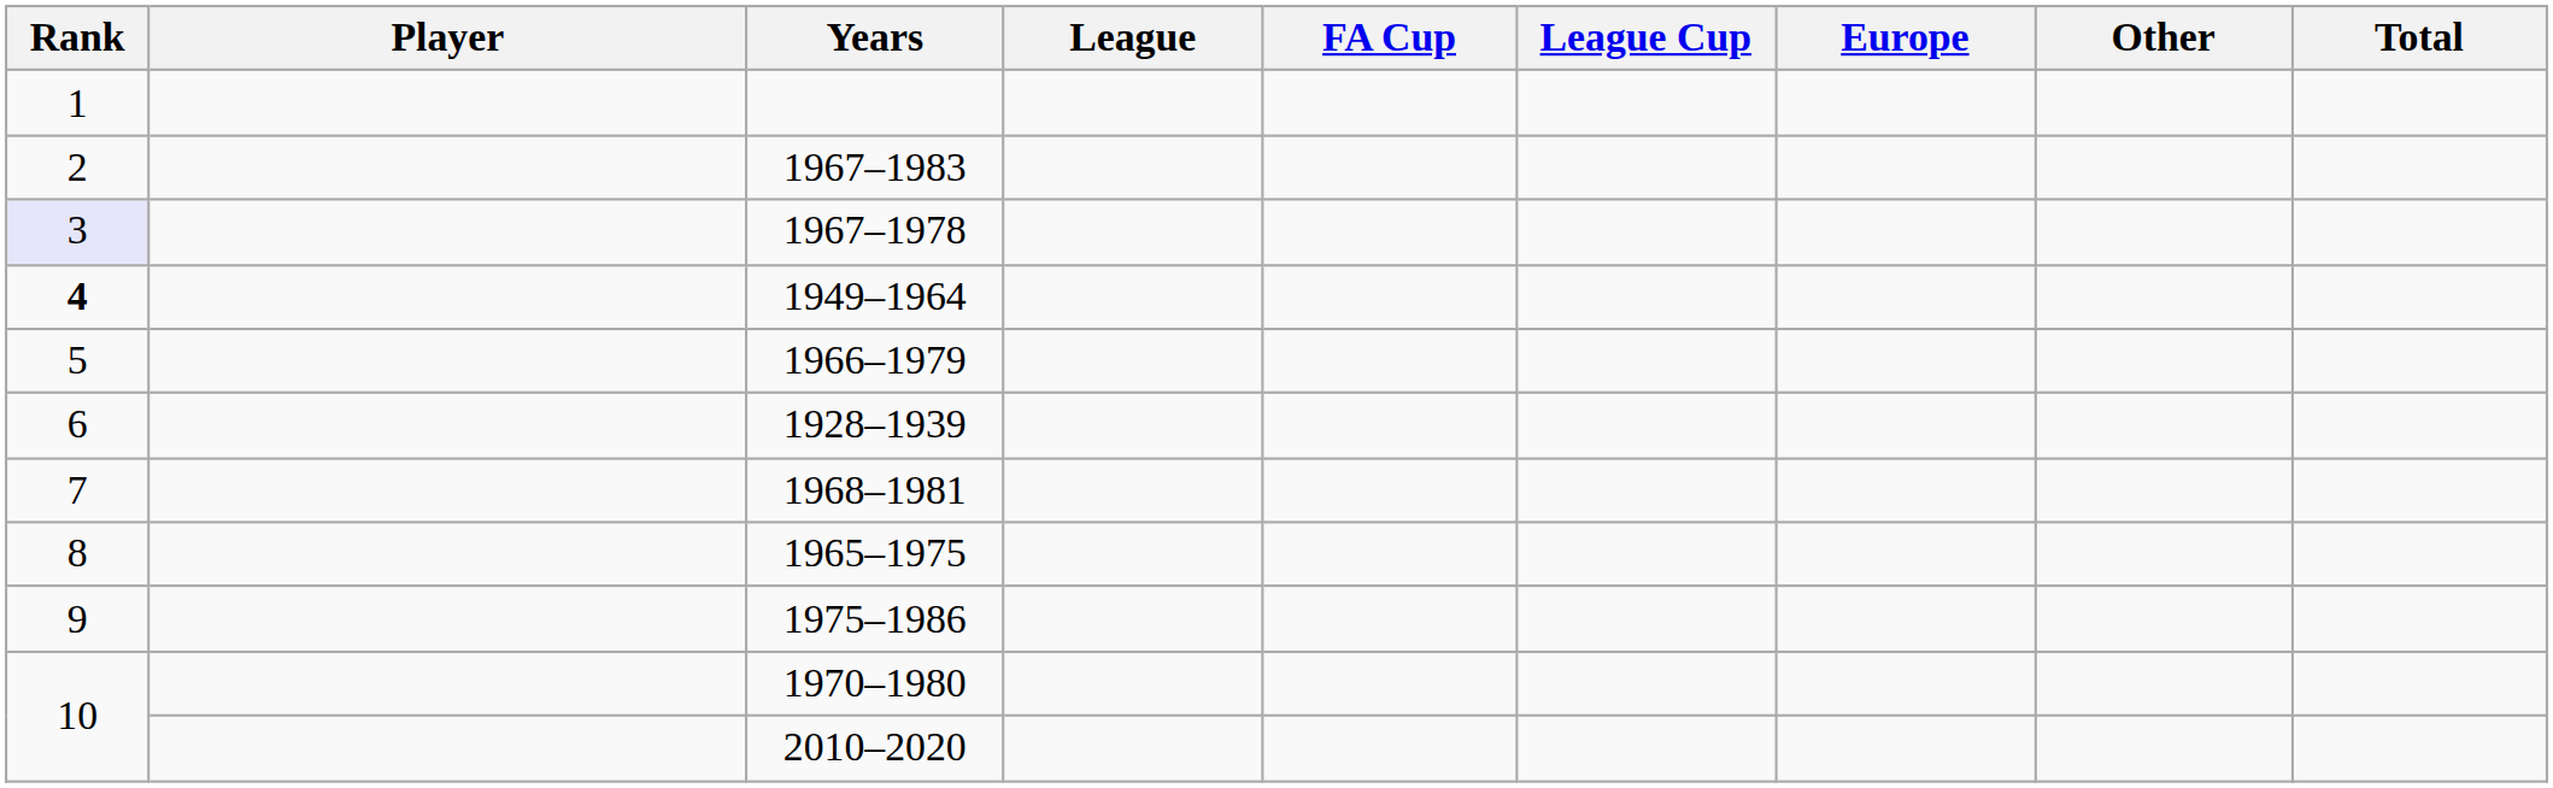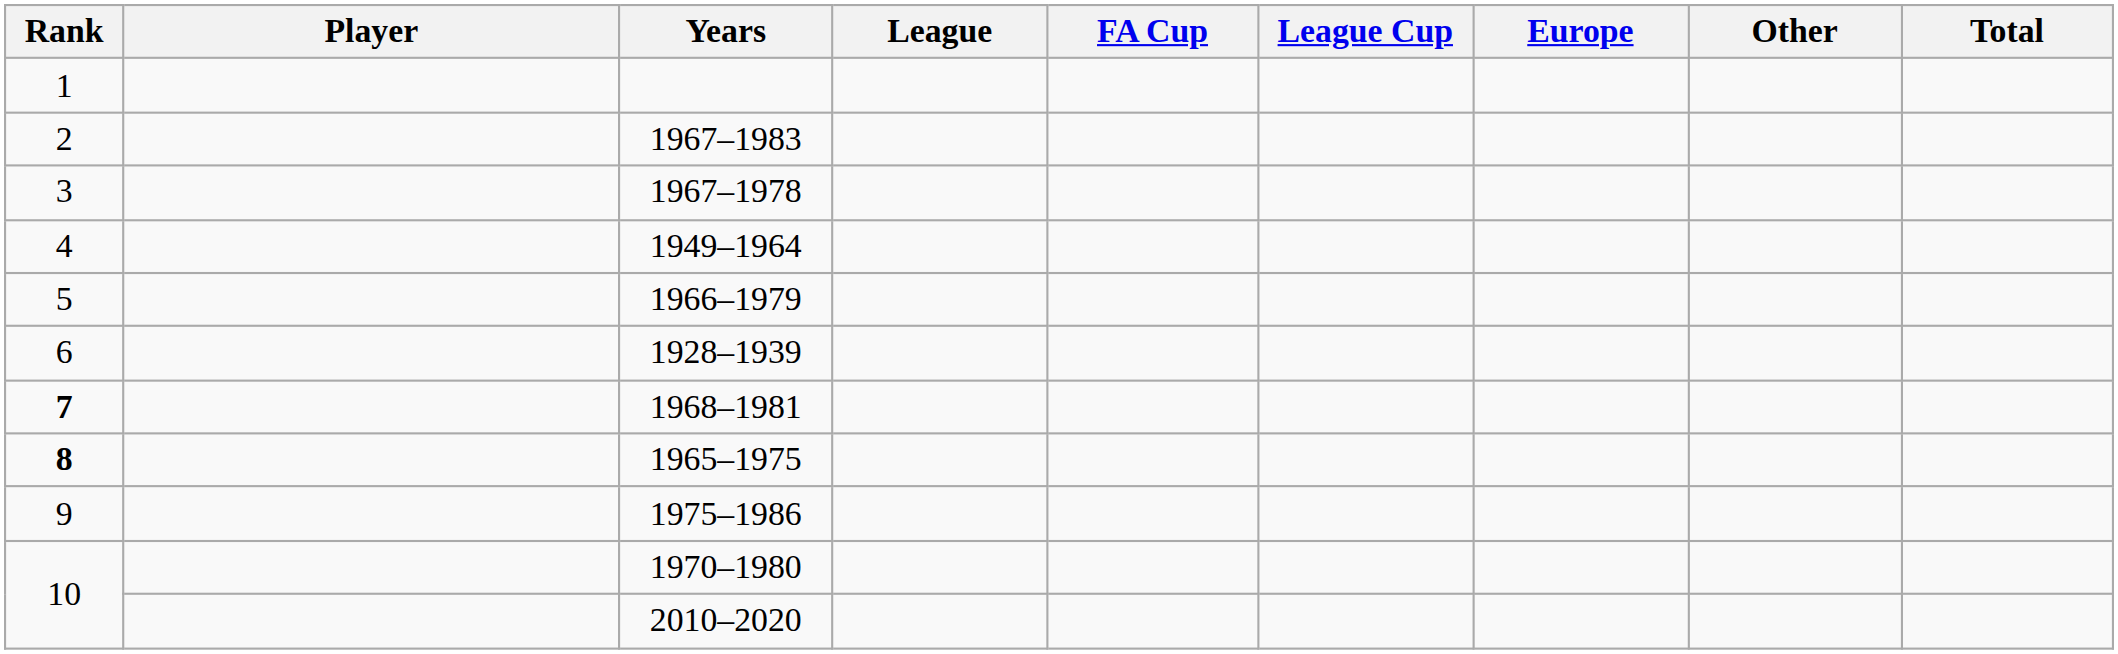 <table class="wikitable sortable" style="text-align:center; width:1000px">
 <tr>
 <th width=50px>Rank</th>
 <th width=250px>Player</th>
 <th width=100px>Years</th>
 <th width=100px>League</th>
 <th width=100px><a href='#'>FA Cup</a></th>
 <th width=100px><a href='#'>League Cup</a></th>
 <th width=100px><a href='#'>Europe</a></th>
 <th width=100px>Other</th>
 <th width=100px>Total</th>
 </tr>
 <tr>
 <td>1</td>
 <td style="text-align:left;"> </td>
 <td></td>
 <td></td>
 <td></td>
 <td></td>
 <td></td>
 <td></td>
 <td></td>
 </tr>
 <tr>
 <td>2</td>
 <td style="text-align:left;"> </td>
 <td>1967–1983</td>
 <td></td>
 <td></td>
 <td></td>
 <td></td>
 <td></td>
 <td></td>
 </tr>
 <tr>
-<td style="background: lavender;">3</td>
+<td>3</td>
 <td style="text-align:left;"> </td>
 <td>1967–1978</td>
 <td></td>
 <td></td>
 <td></td>
 <td></td>
 <td></td>
 <td></td>
 </tr>
 <tr>
-<td><strong>4</strong></td>
+<td>4</td>
 <td style="text-align:left;"> </td>
 <td>1949–1964</td>
 <td></td>
 <td></td>
 <td></td>
 <td></td>
 <td></td>
 <td></td>
 </tr>
 <tr>
 <td>5</td>
 <td style="text-align:left;"> </td>
 <td>1966–1979</td>
 <td></td>
 <td></td>
 <td></td>
 <td></td>
 <td></td>
 <td></td>
 </tr>
 <tr>
 <td>6</td>
 <td style="text-align:left;"> </td>
 <td>1928–1939</td>
 <td></td>
 <td></td>
 <td></td>
 <td></td>
 <td></td>
 <td></td>
 </tr>
 <tr>
-<td>7</td>
+<td><strong>7</strong></td>
 <td style="text-align:left;"> </td>
 <td>1968–1981</td>
 <td></td>
 <td></td>
 <td></td>
 <td></td>
 <td></td>
 <td></td>
 </tr>
 <tr>
-<td>8</td>
+<td><strong>8</strong></td>
 <td style="text-align:left;"> </td>
 <td>1965–1975</td>
 <td></td>
 <td></td>
 <td></td>
 <td></td>
 <td></td>
 <td></td>
 </tr>
 <tr>
 <td>9</td>
 <td style="text-align:left;"> </td>
 <td>1975–1986</td>
 <td></td>
 <td></td>
 <td></td>
 <td></td>
 <td></td>
 <td></td>
 </tr>
 <tr>
 <td rowspan="2">10</td>
 <td style="text-align:left;"> </td>
 <td>1970–1980</td>
 <td></td>
 <td></td>
 <td></td>
 <td></td>
 <td></td>
 <td></td>
 </tr>
 <tr>
 <td style="text-align:left;"> </td>
 <td>2010–2020</td>
 <td></td>
 <td></td>
 <td></td>
 <td></td>
 <td></td>
 <td></td>
 </tr>
 </table>
